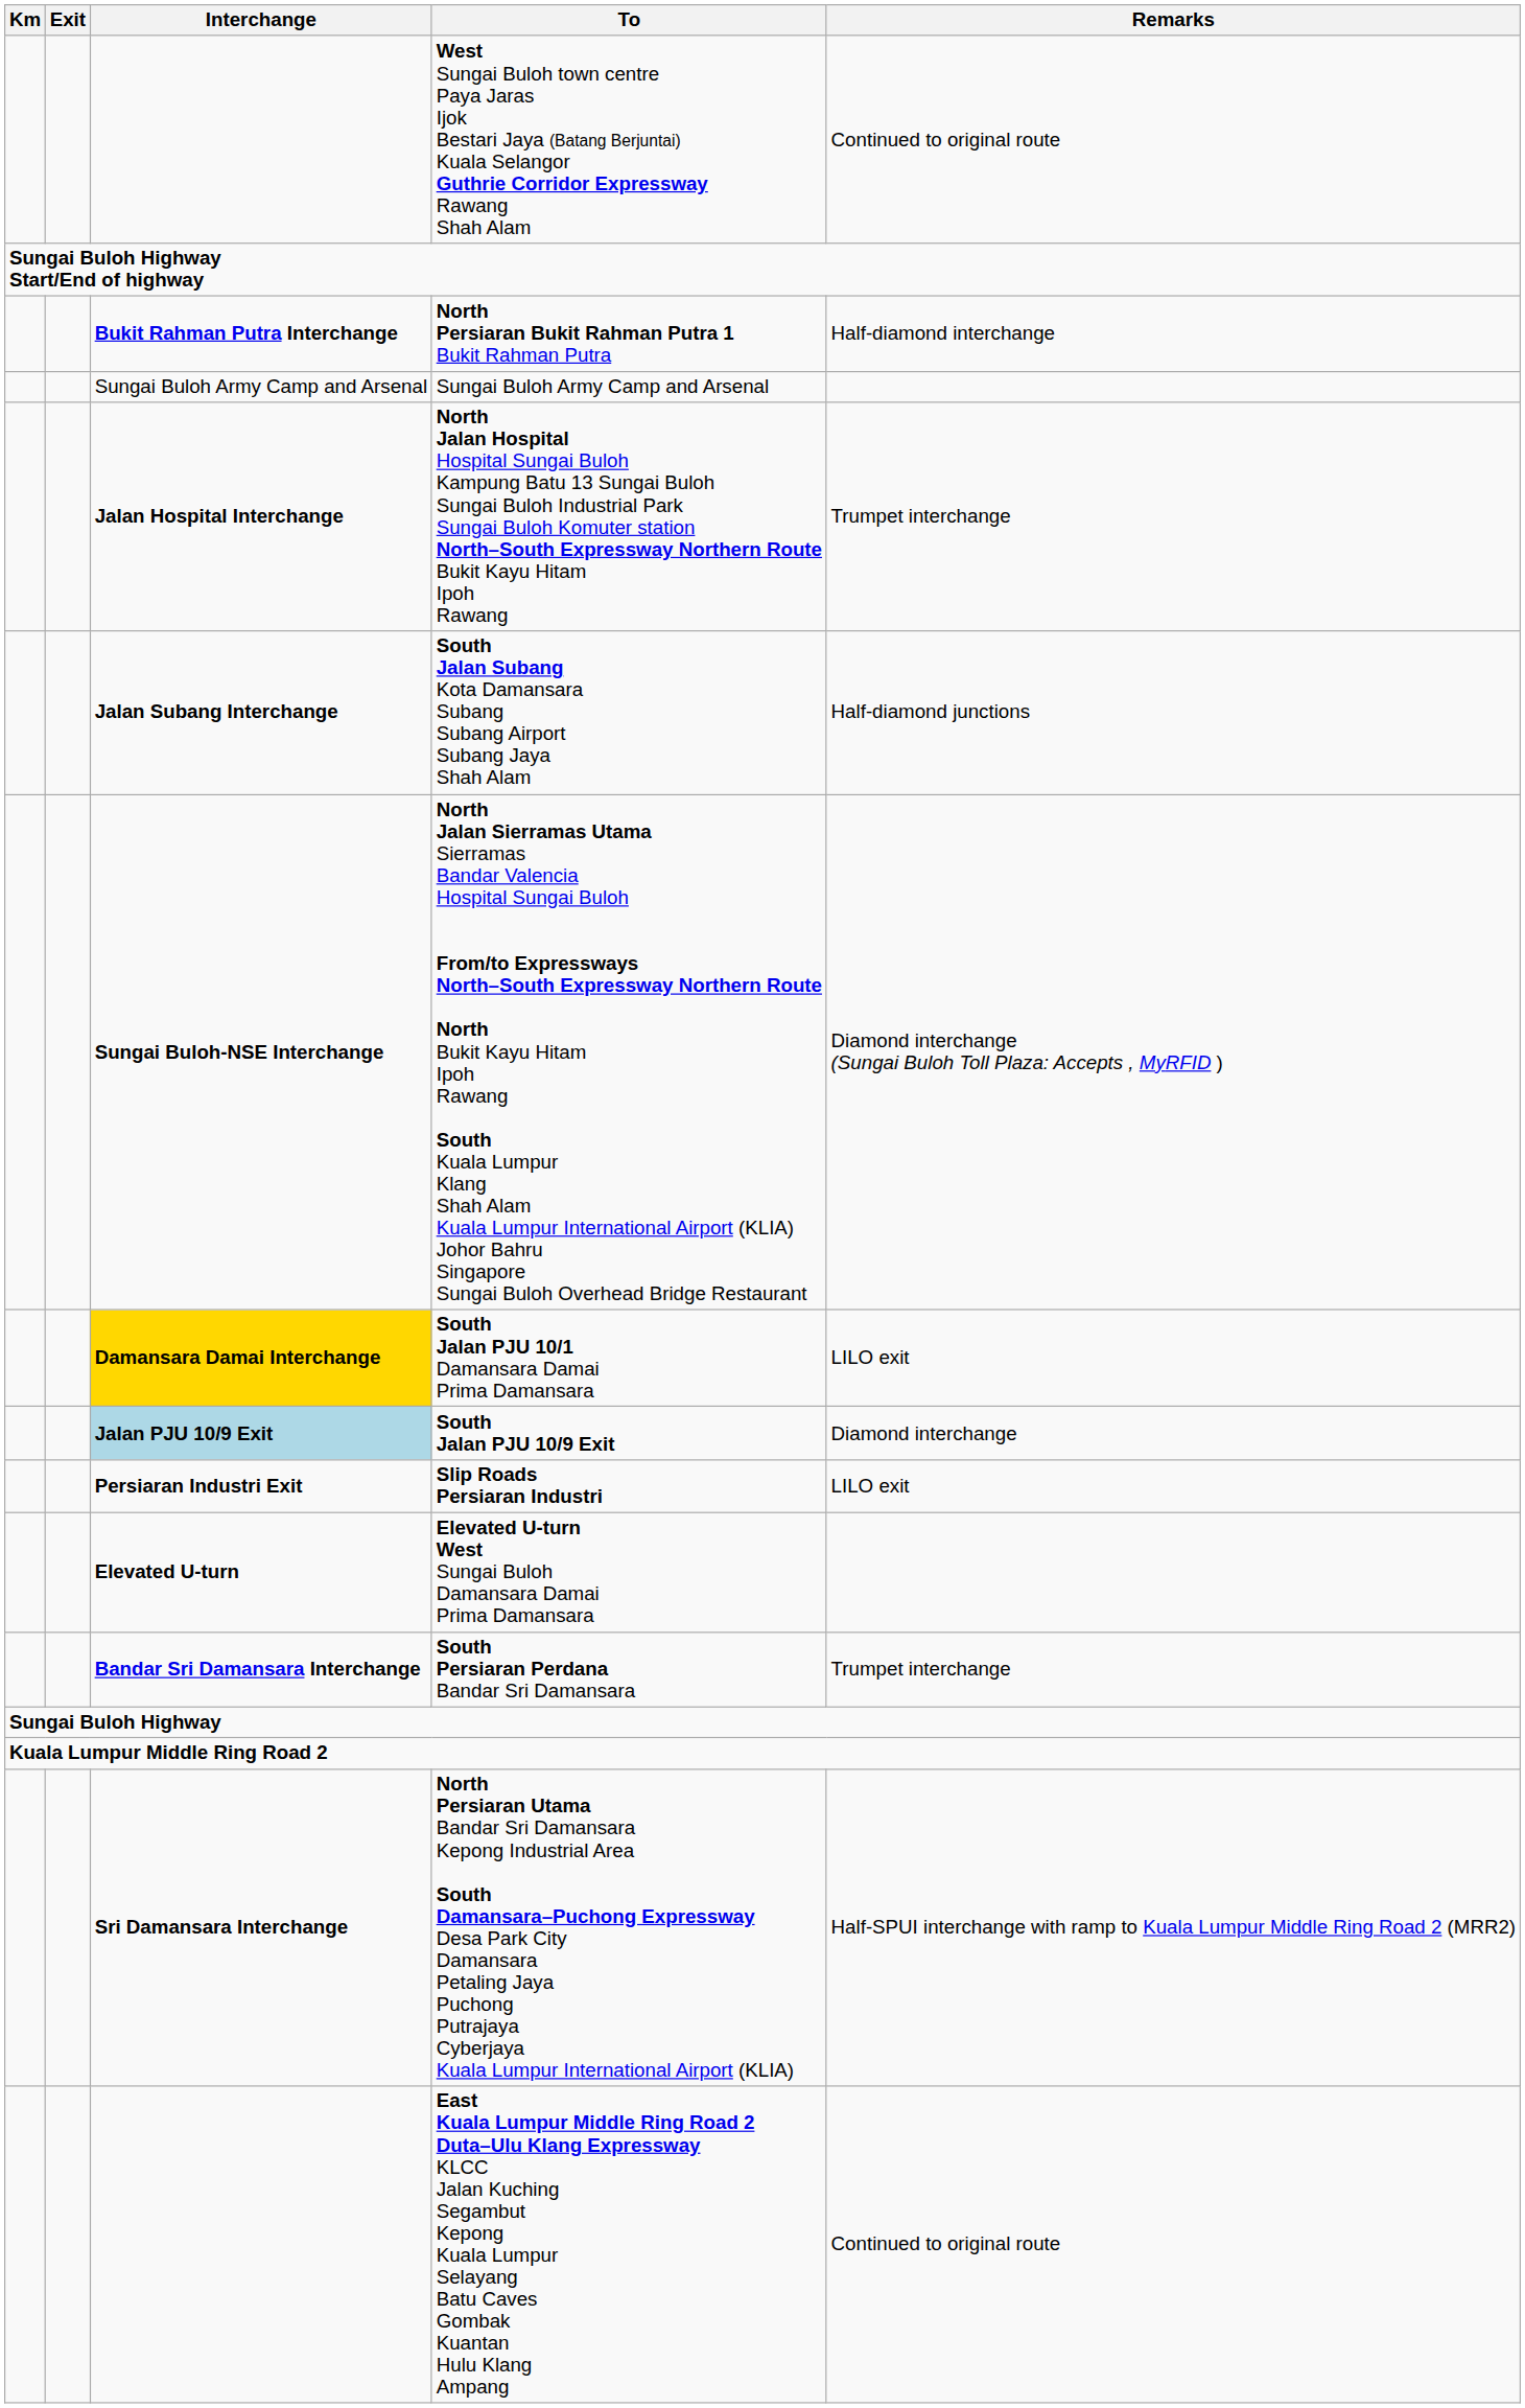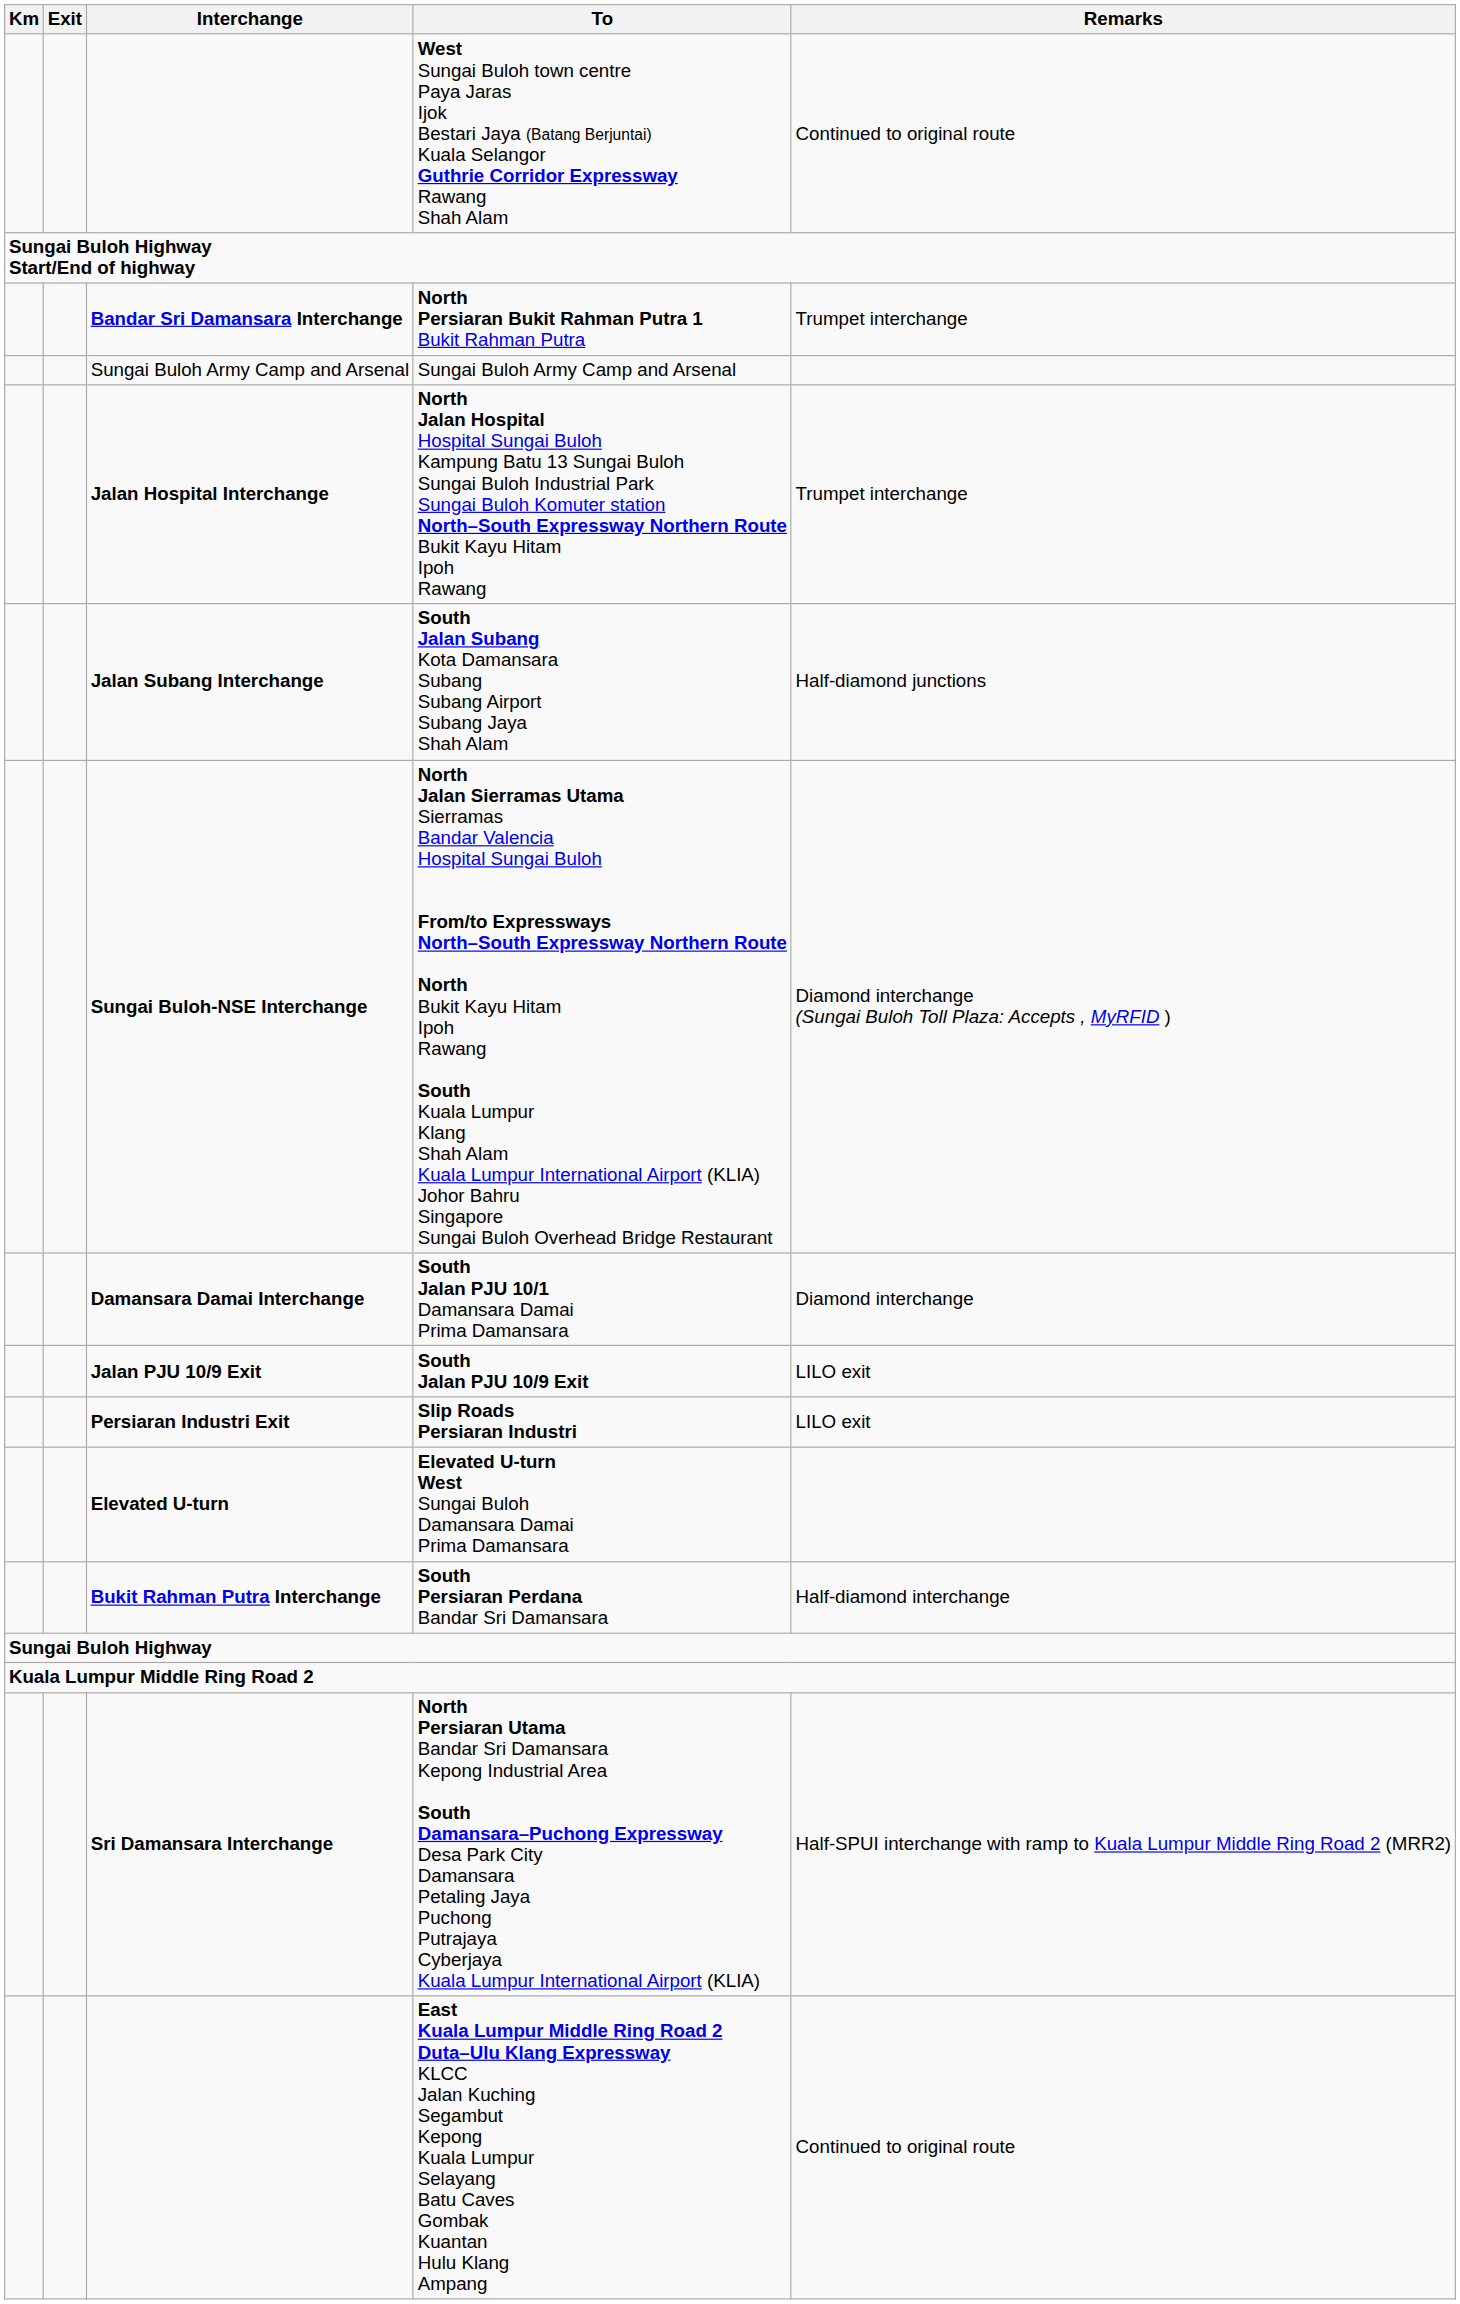 <table class="wikitable">
 <tr>
 <th>Km</th>
 <th>Exit</th>
 <th>Interchange</th>
 <th>To</th>
 <th>Remarks</th>
 </tr>
 <tr>
 <td></td>
 <td></td>
 <td></td>
 <td><strong>West</strong><br> Sungai Buloh town centre<br> Paya Jaras<br> Ijok<br> Bestari Jaya <small>(Batang Berjuntai)</small><br> Kuala Selangor<br> <strong><a href='#'>Guthrie Corridor Expressway</a></strong><br>Rawang<br>Shah Alam</td>
 <td>Continued to original route </td>
 </tr>
 <tr>
 <td style="width:600px" colspan="6" style="text-align:center; background:blue;"><strong><span> Sungai Buloh Highway<br>Start/End of highway</span></strong></td>
 </tr>
 <tr>
 <td></td>
 <td></td>
-<td><strong><a href='#'>Bukit Rahman Putra</a> Interchange</strong></td>
+<td><strong><a href='#'>Bandar Sri Damansara</a> Interchange</strong></td>
 <td><strong>North</strong><br><strong>Persiaran Bukit Rahman Putra 1</strong><br><a href='#'>Bukit Rahman Putra</a></td>
-<td>Half-diamond interchange</td>
+<td>Trumpet interchange</td>
 </tr>
 <tr>
 <td></td>
 <td></td>
 <td>Sungai Buloh Army Camp and Arsenal</td>
 <td>Sungai Buloh Army Camp and Arsenal</td>
 <td></td>
 </tr>
 <tr>
 <td></td>
 <td></td>
 <td><strong>Jalan Hospital Interchange</strong></td>
 <td><strong>North</strong><br> <strong>Jalan Hospital</strong><br><a href='#'>Hospital Sungai Buloh</a> <br>Kampung Batu 13 Sungai Buloh<br>Sungai Buloh Industrial Park<br><a href='#'>Sungai Buloh Komuter station</a><br>  <strong><a href='#'>North–South Expressway Northern Route</a></strong><br>Bukit Kayu Hitam<br>Ipoh<br>Rawang</td>
 <td>Trumpet interchange</td>
 </tr>
 <tr>
 <td></td>
 <td></td>
 <td><strong>Jalan Subang Interchange</strong></td>
 <td><strong>South</strong><br>  <strong><a href='#'>Jalan Subang</a></strong><br>Kota Damansara<br>Subang<br>Subang Airport<br>Subang Jaya<br>Shah Alam</td>
 <td>Half-diamond junctions</td>
 </tr>
 <tr>
 <td></td>
 <td></td>
 <td><strong>Sungai Buloh-NSE Interchange</strong></td>
 <td><strong>North</strong><br><strong>Jalan Sierramas Utama</strong><br>Sierramas<br><a href='#'>Bandar Valencia</a><br><a href='#'>Hospital Sungai Buloh</a> <br><br><br><strong>From/to Expressways</strong><br>  <strong><a href='#'>North–South Expressway Northern Route</a></strong><br><br><strong>North</strong><br>  Bukit Kayu Hitam<br>  Ipoh<br>  Rawang<br><br><strong>South</strong><br>  Kuala Lumpur<br>  Klang<br>   Shah Alam<br>  <a href='#'>Kuala Lumpur International Airport</a> (KLIA) <br>  Johor Bahru<br>  Singapore<br> Sungai Buloh Overhead Bridge Restaurant</td>
 <td>Diamond interchange <br><em>(Sungai Buloh Toll Plaza: Accepts , <a href='#'><span>My</span><span>RFID</span></a> </em>)</td>
 </tr>
 <tr>
 <td></td>
 <td></td>
-<td style="background: gold;"><strong>Damansara Damai Interchange</strong></td>
+<td><strong>Damansara Damai Interchange</strong></td>
 <td><strong>South</strong><br><strong>Jalan PJU 10/1</strong><br>Damansara Damai<br>Prima Damansara</td>
-<td>LILO exit</td>
+<td>Diamond interchange</td>
 </tr>
 <tr>
 <td></td>
 <td></td>
-<td style="background: lightblue;"><strong>Jalan PJU 10/9 Exit</strong></td>
+<td><strong>Jalan PJU 10/9 Exit</strong></td>
 <td><strong>South</strong><br><strong>Jalan PJU 10/9 Exit</strong></td>
-<td>Diamond interchange</td>
+<td>LILO exit</td>
 </tr>
 <tr>
 <td></td>
 <td></td>
 <td><strong>Persiaran Industri Exit</strong></td>
 <td><strong>Slip Roads</strong><br><strong>Persiaran Industri</strong></td>
 <td>LILO exit</td>
 </tr>
 <tr>
 <td></td>
 <td></td>
 <td><strong>Elevated U-turn</strong></td>
 <td><strong>Elevated U-turn</strong><br><strong>West</strong><br> Sungai Buloh<br>Damansara Damai<br>Prima Damansara</td>
 <td></td>
 </tr>
 <tr>
 <td></td>
 <td></td>
-<td><strong><a href='#'>Bandar Sri Damansara</a> Interchange</strong></td>
+<td><strong><a href='#'>Bukit Rahman Putra</a> Interchange</strong></td>
 <td><strong>South</strong><br><strong>Persiaran Perdana</strong><br>Bandar Sri Damansara</td>
-<td>Trumpet interchange</td>
+<td>Half-diamond interchange</td>
 </tr>
 <tr>
 <td style="width:600px" colspan="6" style="text-align:center; background:blue;"><strong><span> Sungai Buloh Highway</span></strong></td>
 </tr>
 <tr>
 <td style="width:600px" colspan="6" style="text-align:center; background:blue;"><strong><span>  Kuala Lumpur Middle Ring Road 2</span></strong></td>
 </tr>
 <tr>
 <td></td>
 <td></td>
 <td><strong>Sri Damansara Interchange</strong></td>
 <td><strong>North</strong><br><strong>Persiaran Utama</strong><br>Bandar Sri Damansara<br>Kepong Industrial Area<br><br><strong>South</strong><br> <strong><a href='#'>Damansara–Puchong Expressway</a></strong><br>Desa Park City<br>Damansara<br>Petaling Jaya<br>Puchong<br>Putrajaya<br>Cyberjaya<br><a href='#'>Kuala Lumpur International Airport</a> (KLIA) </td>
 <td>Half-SPUI interchange with ramp to  <a href='#'>Kuala Lumpur Middle Ring Road 2</a> (MRR2)</td>
 </tr>
 <tr>
 <td></td>
 <td></td>
 <td></td>
 <td><strong>East</strong><br>  <strong><a href='#'>Kuala Lumpur Middle Ring Road 2</a></strong><br> <strong><a href='#'>Duta–Ulu Klang Expressway</a></strong><br> KLCC<br> Jalan Kuching<br> Segambut<br> Kepong<br> Kuala Lumpur<br> Selayang<br> Batu Caves<br> Gombak<br>  Kuantan<br> Hulu Klang<br> Ampang</td>
 <td>Continued to original route </td>
 </tr>
 </table>
